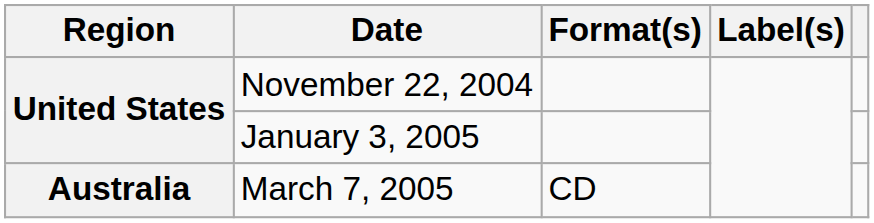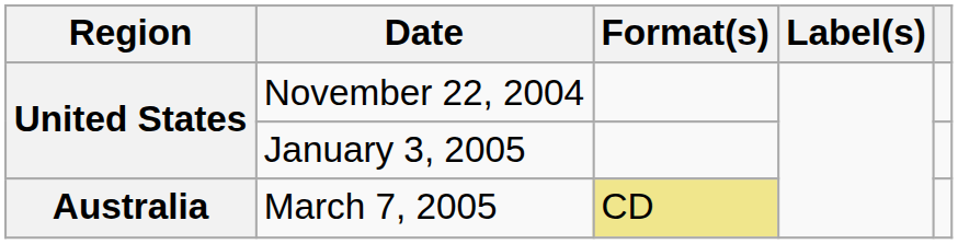 <table class="wikitable plainrowheaders" style="text-align:left">
 <tr>
 <th scope="col">Region</th>
 <th scope="col">Date</th>
 <th scope="col">Format(s)</th>
 <th scope="col">Label(s)</th>
 <th scope="col"></th>
 </tr>
 <tr>
 <th scope="row" rowspan="2">United States</th>
 <td>November 22, 2004</td>
 <td></td>
 <td rowspan="3"></td>
 <td></td>
 </tr>
 <tr>
 <td>January 3, 2005</td>
 <td></td>
 <td></td>
 </tr>
 <tr>
 <th scope="row">Australia</th>
 <td>March 7, 2005</td>
-<td>CD</td>
+<td style="background: khaki;">CD</td>
 <td></td>
 </tr>
 </table>
